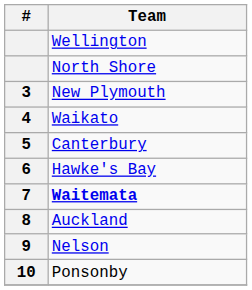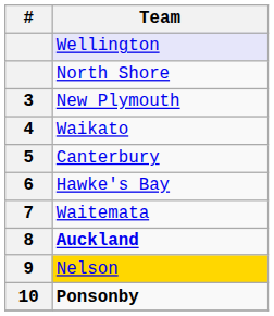 <table class="wikitable" width="15%" style="font-size:95%; text-align:center">
 <tr>
 <th>#</th>
 <th>Team</th>
 </tr>
 <tr>
 <th></th>
-<td align=left><a href='#'>Wellington</a></td>
+<td align=left style="background: lavender;"><a href='#'>Wellington</a></td>
 </tr>
 <tr>
 <th></th>
 <td align=left><a href='#'>North Shore</a></td>
 </tr>
 <tr>
 <th>3</th>
 <td align=left><a href='#'>New Plymouth</a></td>
 </tr>
 <tr>
 <th>4</th>
 <td align=left><a href='#'>Waikato</a></td>
 </tr>
 <tr>
 <th>5</th>
 <td align=left><a href='#'>Canterbury</a></td>
 </tr>
 <tr>
 <th>6</th>
 <td align=left><a href='#'>Hawke's Bay</a></td>
 </tr>
 <tr>
 <th>7</th>
-<td align=left><strong><a href='#'>Waitemata</a></strong></td>
+<td align=left><a href='#'>Waitemata</a></td>
 </tr>
 <tr>
 <th>8</th>
-<td align=left><a href='#'>Auckland</a></td>
+<td align=left><strong><a href='#'>Auckland</a></strong></td>
 </tr>
 <tr>
 <th>9</th>
-<td align=left><a href='#'>Nelson</a></td>
+<td align=left style="background: gold;"><a href='#'>Nelson</a></td>
 </tr>
 <tr>
 <th>10</th>
-<td align=left>Ponsonby</td>
+<td align=left><strong>Ponsonby</strong></td>
 </tr>
 <tr>
 </tr>
 </table>
